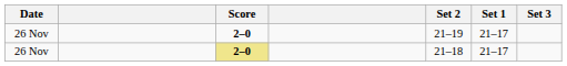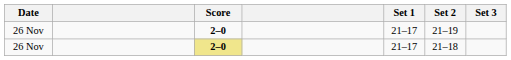 <table class="wikitable" style="text-align: center; font-size:90% ">
 <tr>
 <th width="60">Date</th>
 <th align="right" width="190"></th>
 <th width="60">Score</th>
 <th align="left" width="190"></th>
+<th width="50">Set 1</th>
 <th width="50">Set 2</th>
-<th width="50">Set 1</th>
 <th width="50">Set 3</th>
 </tr>
 <tr>
 <td>26 Nov</td>
 <td align=right><strong></strong></td>
 <td align=center><strong>2–0</strong></td>
 <td align=left></td>
+<td>21–17</td>
 <td>21–19</td>
-<td>21–17</td>
 <td></td>
 </tr>
 <tr>
 <td>26 Nov</td>
 <td align=right><strong></strong></td>
 <td align=center style="background: khaki;"><strong>2–0</strong></td>
 <td align=left></td>
+<td>21–17</td>
 <td>21–18</td>
-<td>21–17</td>
 <td></td>
 </tr>
 </table>
